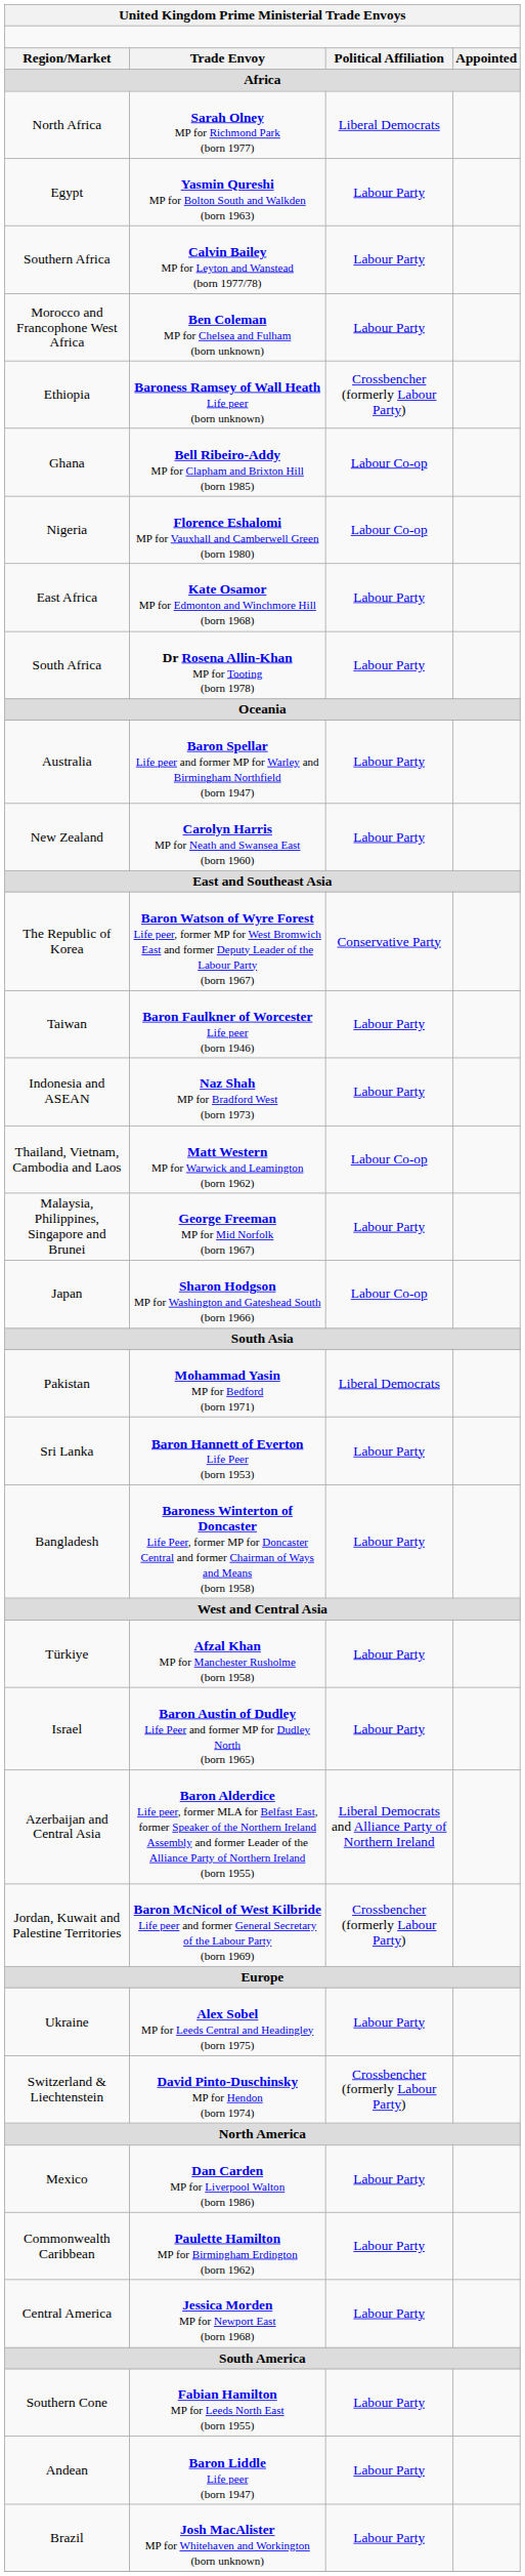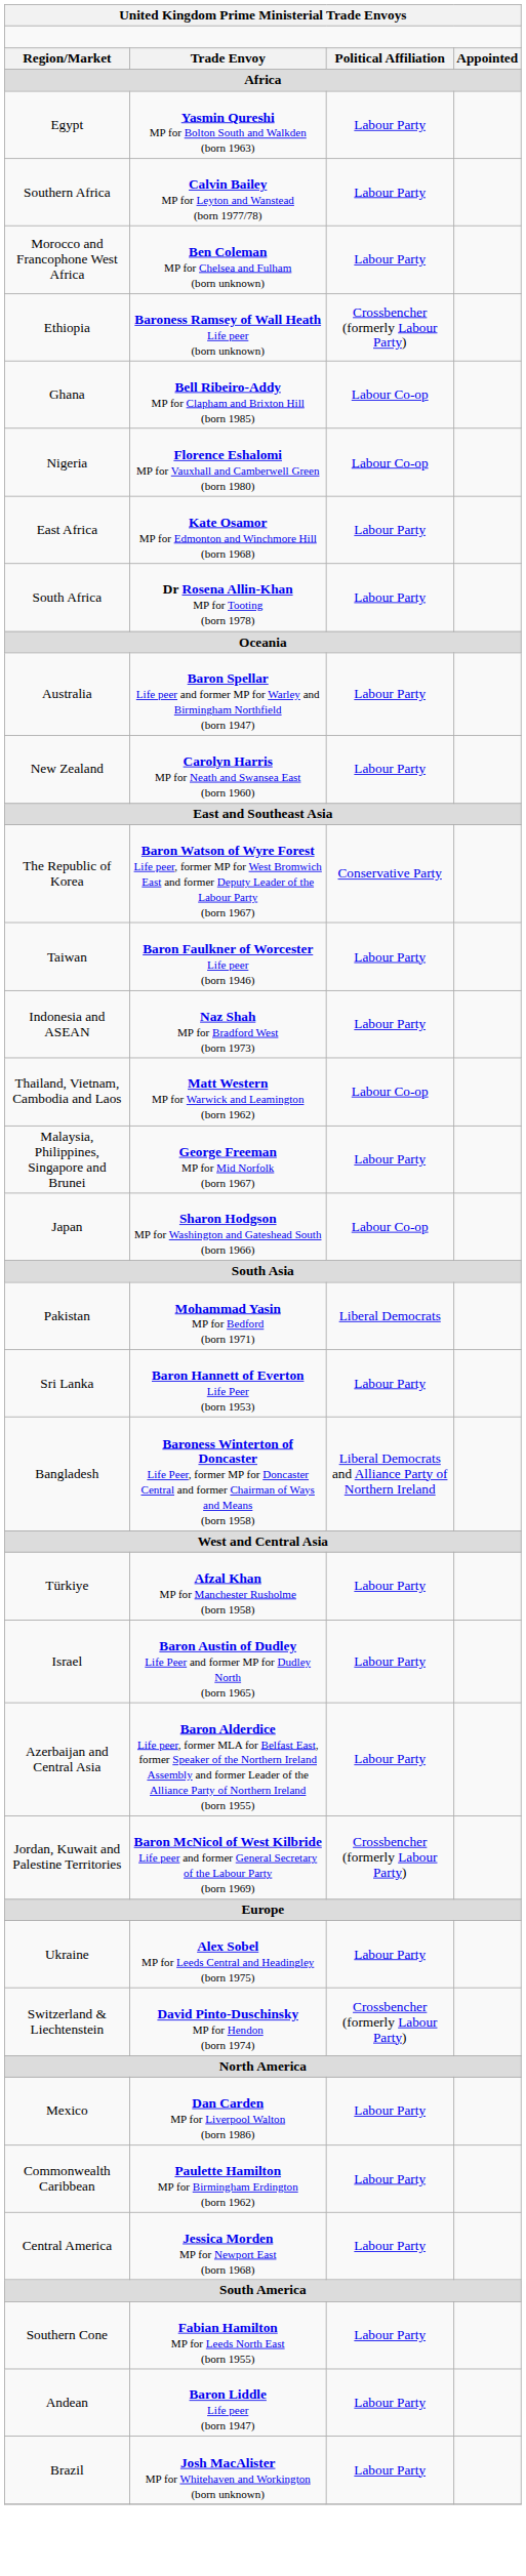 <table class="wikitable">
 <tr>
 <th colspan="4">United Kingdom Prime Ministerial Trade Envoys</th>
 </tr>
 <tr>
 <td colspan="4" style="text-align:center"><br></td>
 </tr>
 <tr>
 <th>Region/Market</th>
 <th>Trade Envoy</th>
 <th>Political Affiliation</th>
 <th>Appointed</th>
 </tr>
 <tr>
 <th colspan=4 style="background:#dcdcdc; text-align:center;">Africa</th>
-</tr>
-<tr>
-<td scope="row" style="text-align:center">North Africa</td>
-<td scope="row" style="text-align:center"><br><strong><a href='#'>Sarah Olney</a></strong><br><small>MP for <a href='#'>Richmond Park</a></small><br><small>(born 1977)</small></td>
-<td scope="row" style="text-align:center"><a href='#'>Liberal Democrats</a></td>
-<td scope="row" style="text-align:center"></td>
 </tr>
 <tr>
 <td scope="row" style="text-align:center">Egypt</td>
 <td scope="row" style="text-align:center"><br><strong><a href='#'>Yasmin Qureshi</a></strong><br><small>MP for <a href='#'>Bolton South and Walkden</a></small><br><small>(born 1963)</small></td>
 <td scope="row" style="text-align:center"><a href='#'>Labour Party</a></td>
 <td scope="row" style="text-align:center"></td>
 </tr>
 <tr>
 <td scope="row" style="text-align:center">Southern Africa</td>
 <td scope="row" style="text-align:center"><br><strong><a href='#'>Calvin Bailey</a></strong><br><small>MP for <a href='#'>Leyton and Wanstead</a></small><br><small>(born 1977/78)</small></td>
 <td scope="row" style="text-align:center"><a href='#'>Labour Party</a></td>
 <td scope="row" style="text-align:center"></td>
 </tr>
 <tr>
 <td scope="row" style="text-align:center">Morocco and Francophone West Africa</td>
 <td scope="row" style="text-align:center"><br><strong><a href='#'>Ben Coleman</a></strong><br><small>MP for <a href='#'>Chelsea and Fulham</a></small><br><small>(born unknown)</small></td>
 <td scope="row" style="text-align:center"><a href='#'>Labour Party</a></td>
 <td scope="row" style="text-align:center"></td>
 </tr>
 <tr>
 <td scope="row" style="text-align:center">Ethiopia</td>
 <td scope="row" style="text-align:center"><br><strong><a href='#'>Baroness Ramsey of Wall Heath</a></strong><br><small><a href='#'>Life peer</a></small><br><small>(born unknown)</small></td>
 <td scope="row" style="text-align:center"><a href='#'>Crossbencher</a> (formerly <a href='#'>Labour Party</a>)</td>
 <td scope="row" style="text-align:center"></td>
 </tr>
 <tr>
 <td scope="row" style="text-align:center">Ghana</td>
 <td scope="row" style="text-align:center"><br><strong><a href='#'>Bell Ribeiro-Addy</a></strong><br><small>MP for <a href='#'>Clapham and Brixton Hill</a></small><br><small>(born 1985)</small></td>
 <td scope="row" style="text-align:center"><a href='#'>Labour Co-op</a></td>
 <td scope="row" style="text-align:center"></td>
 </tr>
 <tr>
 <td scope="row" style="text-align:center">Nigeria</td>
 <td scope="row" style="text-align:center"><br><strong><a href='#'>Florence Eshalomi</a></strong><br><small>MP for <a href='#'>Vauxhall and Camberwell Green</a></small><br><small>(born 1980)</small></td>
 <td scope="row" style="text-align:center"><a href='#'>Labour Co-op</a></td>
 <td scope="row" style="text-align:center"></td>
 </tr>
 <tr>
 <td scope="row" style="text-align:center">East Africa</td>
 <td scope="row" style="text-align:center"><br><strong><a href='#'>Kate Osamor</a></strong><br><small>MP for <a href='#'>Edmonton and Winchmore Hill</a></small><br><small>(born 1968)</small></td>
 <td scope="row" style="text-align:center"><a href='#'>Labour Party</a></td>
 <td scope="row" style="text-align:center"></td>
 </tr>
 <tr>
 <td scope="row" style="text-align:center">South Africa</td>
 <td scope="row" style="text-align:center"><br><strong>Dr <a href='#'>Rosena Allin-Khan</a></strong><br><small>MP for <a href='#'> Tooting</a></small><br><small>(born 1978)</small></td>
 <td scope="row" style="text-align:center"><a href='#'>Labour Party</a></td>
 <td scope="row" style="text-align:center"></td>
 </tr>
 <tr>
 <th colspan=4 style="background:#dcdcdc; text-align:center;">Oceania</th>
 </tr>
 <tr>
 <td scope="row" style="text-align:center">Australia</td>
 <td scope="row" style="text-align:center"><br><strong><a href='#'>Baron Spellar</a></strong><br><small><a href='#'>Life peer</a> and former MP for <a href='#'>Warley</a> and <a href='#'>Birmingham Northfield</a></small><br><small>(born 1947)</small></td>
 <td scope="row" style="text-align:center"><a href='#'>Labour Party</a></td>
 <td scope="row" style="text-align:center"></td>
 </tr>
 <tr>
 <td scope="row" style="text-align:center">New Zealand</td>
 <td scope="row" style="text-align:center"><br><strong><a href='#'>Carolyn Harris</a></strong><br><small>MP for <a href='#'>Neath and Swansea East</a></small><br><small>(born 1960)</small></td>
 <td scope="row" style="text-align:center"><a href='#'>Labour Party</a></td>
 <td scope="row" style="text-align:center"></td>
 </tr>
 <tr>
 <th colspan=4 style="background:#dcdcdc; text-align:center;">East and Southeast Asia</th>
 </tr>
 <tr>
 <td scope="row" style="text-align:center">The Republic of Korea</td>
 <td scope="row" style="text-align:center"><br><strong><a href='#'>Baron Watson of Wyre Forest</a></strong><br><small><a href='#'>Life peer</a>, former MP for <a href='#'>West Bromwich East</a> and former <a href='#'>Deputy Leader of the Labour Party</a></small><br><small>(born 1967)</small></td>
 <td scope="row" style="text-align:center"><a href='#'>Conservative Party</a></td>
 <td scope="row" style="text-align:center"></td>
 </tr>
 <tr>
 <td scope="row" style="text-align:center">Taiwan</td>
 <td scope="row" style="text-align:center"><br><strong><a href='#'>Baron Faulkner of Worcester</a></strong><br><small><a href='#'>Life peer</a></small><br><small>(born 1946)</small></td>
 <td scope="row" style="text-align:center"><a href='#'>Labour Party</a></td>
 <td scope="row" style="text-align:center"></td>
 </tr>
 <tr>
 <td scope="row" style="text-align:center">Indonesia and ASEAN</td>
 <td scope="row" style="text-align:center"><br><strong><a href='#'>Naz Shah</a></strong><br><small>MP for <a href='#'>Bradford West</a></small><br><small>(born 1973)</small></td>
 <td scope="row" style="text-align:center"><a href='#'>Labour Party</a></td>
 <td scope="row" style="text-align:center"></td>
 </tr>
 <tr>
 <td scope="row" style="text-align:center">Thailand, Vietnam, Cambodia and Laos</td>
 <td scope="row" style="text-align:center"><br><strong><a href='#'>Matt Western</a></strong><br><small>MP for <a href='#'>Warwick and Leamington</a></small><br><small>(born 1962)</small></td>
 <td scope="row" style="text-align:center"><a href='#'>Labour Co-op</a></td>
 <td scope="row" style="text-align:center"></td>
 </tr>
 <tr>
 <td scope="row" style="text-align:center">Malaysia, Philippines, Singapore and Brunei</td>
 <td scope="row" style="text-align:center"><br><strong><a href='#'>George Freeman</a></strong><br><small>MP for <a href='#'>Mid Norfolk</a></small><br><small>(born 1967)</small></td>
 <td scope="row" style="text-align:center"><a href='#'>Labour Party</a></td>
 <td scope="row" style="text-align:center"></td>
 </tr>
 <tr>
 <td scope="row" style="text-align:center">Japan</td>
 <td scope="row" style="text-align:center"><br><strong><a href='#'>Sharon Hodgson</a></strong><br><small>MP for <a href='#'>Washington and Gateshead South</a></small><br><small>(born 1966)</small></td>
 <td scope="row" style="text-align:center"><a href='#'>Labour Co-op</a></td>
 <td scope="row" style="text-align:center"></td>
 </tr>
 <tr>
 <th colspan=4 style="background:#dcdcdc; text-align:center;">South Asia</th>
 </tr>
 <tr>
 <td scope="row" style="text-align:center">Pakistan</td>
 <td scope="row" style="text-align:center"><br><strong><a href='#'>Mohammad Yasin</a></strong><br><small>MP for <a href='#'> Bedford</a></small><br><small>(born 1971)</small></td>
 <td scope="row" style="text-align:center"><a href='#'>Liberal Democrats</a></td>
 <td scope="row" style="text-align:center"></td>
 </tr>
 <tr>
 <td scope="row" style="text-align:center">Sri Lanka</td>
 <td scope="row" style="text-align:center"><br><strong><a href='#'>Baron Hannett of Everton</a></strong><br><small><a href='#'>Life Peer</a></small><br><small>(born 1953)</small></td>
 <td scope="row" style="text-align:center"><a href='#'>Labour Party</a></td>
 <td scope="row" style="text-align:center"></td>
 </tr>
 <tr>
 <td scope="row" style="text-align:center">Bangladesh</td>
 <td scope="row" style="text-align:center"><br><strong><a href='#'>Baroness Winterton of Doncaster</a></strong><br><small><a href='#'>Life Peer</a>, former MP for <a href='#'>Doncaster Central</a> and former <a href='#'>Chairman of Ways and Means</a></small><br><small>(born 1958)</small></td>
-<td scope="row" style="text-align:center"><a href='#'>Labour Party</a></td>
+<td scope="row" style="text-align:center"><a href='#'>Liberal Democrats</a> and <a href='#'>Alliance Party of Northern Ireland</a></td>
 <td scope="row" style="text-align:center"></td>
 </tr>
 <tr>
 <th colspan=4 style="background:#dcdcdc; text-align:center;">West and Central Asia</th>
 </tr>
 <tr>
 <td scope="row" style="text-align:center">Türkiye</td>
 <td scope="row" style="text-align:center"><br><strong><a href='#'>Afzal Khan</a></strong><br><small>MP for <a href='#'>Manchester Rusholme</a></small><br><small>(born 1958)</small></td>
 <td scope="row" style="text-align:center"><a href='#'>Labour Party</a></td>
 <td scope="row" style="text-align:center"></td>
 </tr>
 <tr>
 <td scope="row" style="text-align:center">Israel</td>
 <td scope="row" style="text-align:center"><br><strong><a href='#'>Baron Austin of Dudley</a></strong><br><small><a href='#'>Life Peer</a> and former MP for <a href='#'>Dudley North</a></small><br><small>(born 1965)</small></td>
 <td scope="row" style="text-align:center"><a href='#'>Labour Party</a></td>
 <td scope="row" style="text-align:center"><small></small></td>
 </tr>
 <tr>
 <td scope="row" style="text-align:center">Azerbaijan and Central Asia</td>
 <td scope="row" style="text-align:center"><br><strong><a href='#'>Baron Alderdice</a></strong><br><small><a href='#'>Life peer</a>, former MLA for <a href='#'>Belfast East</a>, former <a href='#'>Speaker of the Northern Ireland Assembly</a> and former Leader of the <a href='#'>Alliance Party of Northern Ireland</a></small><br><small>(born 1955)</small></td>
-<td scope="row" style="text-align:center"><a href='#'>Liberal Democrats</a> and <a href='#'>Alliance Party of Northern Ireland</a></td>
+<td scope="row" style="text-align:center"><a href='#'>Labour Party</a></td>
 <td scope="row" style="text-align:center"></td>
 </tr>
 <tr>
 <td scope="row" style="text-align:center">Jordan, Kuwait and Palestine Territories</td>
 <td scope="row" style="text-align:center"><br><strong><a href='#'>Baron McNicol of West Kilbride</a></strong><br><small><a href='#'>Life peer</a> and former <a href='#'>General Secretary of the Labour Party</a> </small><br><small>(born 1969)</small></td>
 <td scope="row" style="text-align:center"><a href='#'>Crossbencher</a> (formerly <a href='#'>Labour Party</a>)</td>
 <td scope="row" style="text-align:center"></td>
 </tr>
 <tr>
 <th colspan=4 style="background:#dcdcdc; text-align:center;">Europe</th>
 </tr>
 <tr>
 <td scope="row" style="text-align:center">Ukraine</td>
 <td scope="row" style="text-align:center"><br><strong><a href='#'>Alex Sobel</a></strong><br><small>MP for <a href='#'>Leeds Central and Headingley</a></small><br><small>(born 1975)</small></td>
 <td scope="row" style="text-align:center"><a href='#'>Labour Party</a></td>
 <td scope="row" style="text-align:center"></td>
 </tr>
 <tr>
 <td scope="row" style="text-align:center">Switzerland & Liechtenstein</td>
 <td scope="row" style="text-align:center"><br><strong><a href='#'>David Pinto-Duschinsky</a></strong><br><small>MP for <a href='#'> Hendon</a></small><br><small>(born 1974)</small></td>
 <td scope="row" style="text-align:center"><a href='#'>Crossbencher</a> (formerly <a href='#'>Labour Party</a>)</td>
 <td scope="row" style="text-align:center"></td>
 </tr>
 <tr>
 <th colspan=4 style="background:#dcdcdc; text-align:center;">North America</th>
 </tr>
 <tr>
 <td scope="row" style="text-align:center">Mexico</td>
 <td scope="row" style="text-align:center"><br><strong><a href='#'>Dan Carden</a></strong><br><small>MP for <a href='#'> Liverpool Walton</a></small><br><small>(born 1986)</small></td>
 <td scope="row" style="text-align:center"><a href='#'>Labour Party</a></td>
 <td scope="row" style="text-align:center"></td>
 </tr>
 <tr>
 <td scope="row" style="text-align:center">Commonwealth Caribbean</td>
 <td scope="row" style="text-align:center"><br><strong><a href='#'>Paulette Hamilton</a></strong><br><small>MP for <a href='#'>Birmingham Erdington</a></small><br><small>(born 1962)</small></td>
 <td scope="row" style="text-align:center"><a href='#'>Labour Party</a></td>
 <td scope="row" style="text-align:center"></td>
 </tr>
 <tr>
 <td scope="row" style="text-align:center">Central America</td>
 <td scope="row" style="text-align:center"><br><strong><a href='#'>Jessica Morden</a></strong><br><small>MP for <a href='#'>Newport East</a></small><br><small>(born 1968)</small></td>
 <td scope="row" style="text-align:center"><a href='#'>Labour Party</a></td>
 <td scope="row" style="text-align:center"></td>
 </tr>
 <tr>
 <th colspan=4 style="background:#dcdcdc; text-align:center;">South America</th>
 </tr>
 <tr>
 <td scope="row" style="text-align:center">Southern Cone</td>
 <td scope="row" style="text-align:center"><br><strong><a href='#'>Fabian Hamilton</a></strong><br><small>MP for <a href='#'>Leeds North East</a></small><br><small>(born 1955)</small></td>
 <td scope="row" style="text-align:center"><a href='#'>Labour Party</a></td>
 <td scope="row" style="text-align:center"></td>
 </tr>
 <tr>
 <td scope="row" style="text-align:center">Andean</td>
 <td scope="row" style="text-align:center"><br><strong><a href='#'>Baron Liddle</a></strong><br><small><a href='#'>Life peer</a></small><br><small>(born 1947)</small></td>
 <td scope="row" style="text-align:center"><a href='#'>Labour Party</a></td>
 <td scope="row" style="text-align:center"></td>
 </tr>
 <tr>
 <td scope="row" style="text-align:center">Brazil</td>
 <td scope="row" style="text-align:center"><br><strong><a href='#'>Josh MacAlister</a></strong><br><small>MP for <a href='#'>Whitehaven and Workington</a></small><br><small>(born unknown)</small></td>
 <td scope="row" style="text-align:center"><a href='#'>Labour Party</a></td>
 <td scope="row" style="text-align:center"></td>
 </tr>
 <tr>
 </tr>
 </table>
